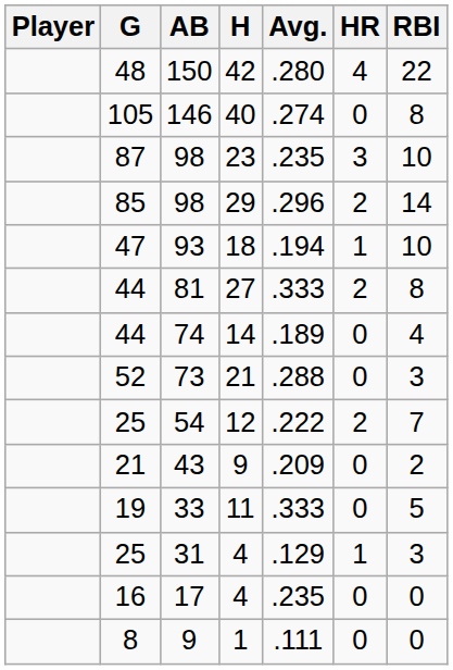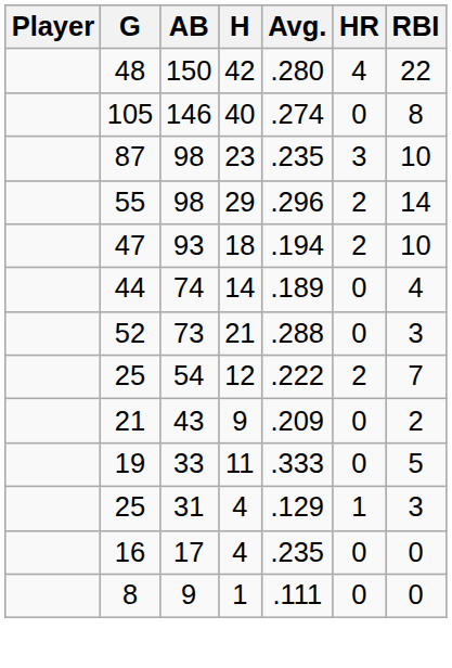 <table class="wikitable sortable" style="text-align:center">
 <tr>
 <th>Player</th>
 <th>G</th>
 <th>AB</th>
 <th>H</th>
 <th>Avg.</th>
 <th>HR</th>
 <th>RBI</th>
 </tr>
 <tr>
 <td></td>
 <td>48</td>
 <td>150</td>
 <td>42</td>
 <td>.280</td>
 <td>4</td>
 <td>22</td>
 </tr>
 <tr>
 <td></td>
 <td>105</td>
 <td>146</td>
 <td>40</td>
 <td>.274</td>
 <td>0</td>
 <td>8</td>
 </tr>
 <tr>
 <td></td>
 <td>87</td>
 <td>98</td>
 <td>23</td>
 <td>.235</td>
 <td>3</td>
 <td>10</td>
 </tr>
 <tr>
 <td></td>
-<td>85</td>
+<td>55</td>
 <td>98</td>
 <td>29</td>
 <td>.296</td>
 <td>2</td>
 <td>14</td>
 </tr>
 <tr>
 <td></td>
 <td>47</td>
 <td>93</td>
 <td>18</td>
 <td>.194</td>
-<td>1</td>
+<td>2</td>
 <td>10</td>
-</tr>
-<tr>
-<td></td>
-<td>44</td>
-<td>81</td>
-<td>27</td>
-<td>.333</td>
-<td>2</td>
-<td>8</td>
 </tr>
 <tr>
 <td></td>
 <td>44</td>
 <td>74</td>
 <td>14</td>
 <td>.189</td>
 <td>0</td>
 <td>4</td>
 </tr>
 <tr>
 <td></td>
 <td>52</td>
 <td>73</td>
 <td>21</td>
 <td>.288</td>
 <td>0</td>
 <td>3</td>
 </tr>
 <tr>
 <td></td>
 <td>25</td>
 <td>54</td>
 <td>12</td>
 <td>.222</td>
 <td>2</td>
 <td>7</td>
 </tr>
 <tr>
 <td></td>
 <td>21</td>
 <td>43</td>
 <td>9</td>
 <td>.209</td>
 <td>0</td>
 <td>2</td>
 </tr>
 <tr>
 <td></td>
 <td>19</td>
 <td>33</td>
 <td>11</td>
 <td>.333</td>
 <td>0</td>
 <td>5</td>
 </tr>
 <tr>
 <td></td>
 <td>25</td>
 <td>31</td>
 <td>4</td>
 <td>.129</td>
 <td>1</td>
 <td>3</td>
 </tr>
 <tr>
 <td></td>
 <td>16</td>
 <td>17</td>
 <td>4</td>
 <td>.235</td>
 <td>0</td>
 <td>0</td>
 </tr>
 <tr>
 <td></td>
 <td>8</td>
 <td>9</td>
 <td>1</td>
 <td>.111</td>
 <td>0</td>
 <td>0</td>
 </tr>
 </table>
